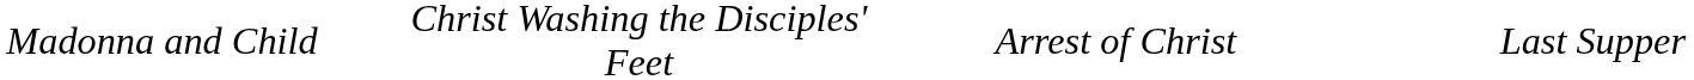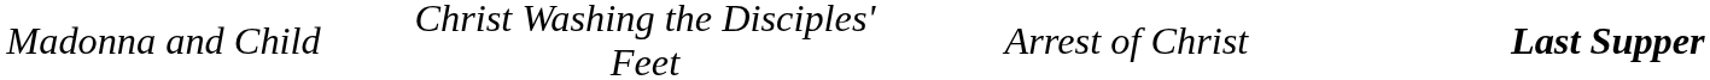 <table class="graytable" width="50%">
 <tr>
 <td width="25%"></td>
 <td width="25%"></td>
 <td width="25%"></td>
 <td width="25%"></td>
 </tr>
 <tr>
 <td align="center"><em>Madonna and Child</em></td>
 <td align="center"><em>Christ Washing the Disciples' Feet</em></td>
 <td align="center"><em>Arrest of Christ</em></td>
-<td align="center"><em>Last Supper</em></td>
+<td align="center"><strong><em>Last Supper</em></strong></td>
 </tr>
 </table>
